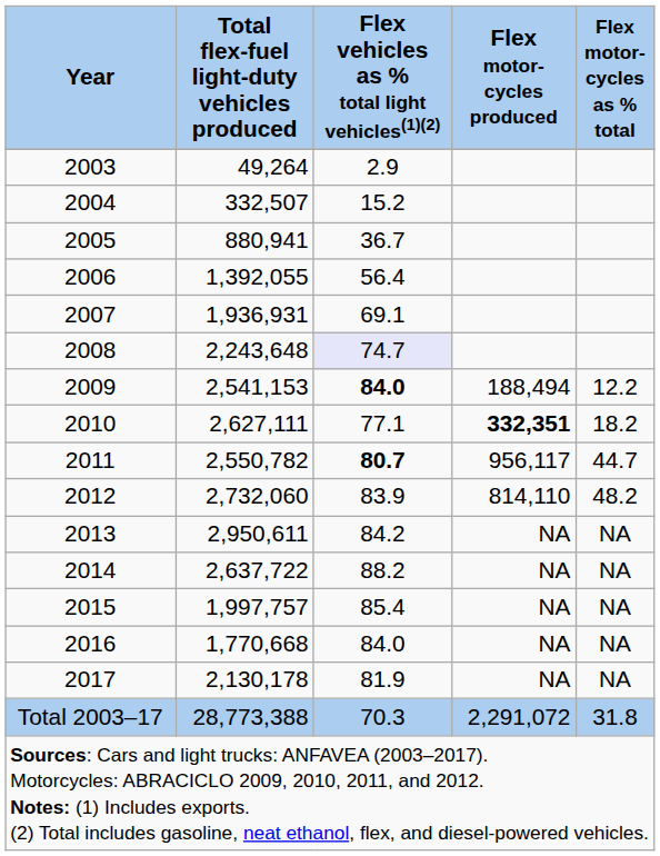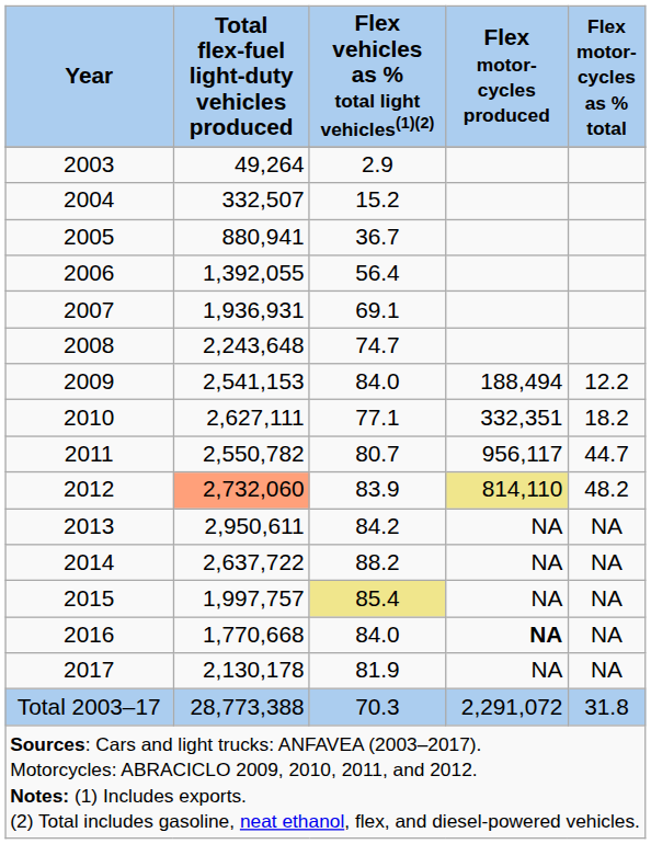 <table class="wikitable" align="right">
 <tr>
 <th style="background: #ABCDEF;">Year</th>
 <th style="background: #ABCDEF;">Total <br>flex-fuel<br>light-duty <br>vehicles<br>produced</th>
 <th style="background: #ABCDEF;">Flex <br>vehicles <br> as %<br><small>total light<br> vehicles<sup>(1)(2)</sup></small></th>
 <th style="background: #ABCDEF;">Flex <br><small>motor-<br>cycles<br> produced</small></th>
 <th style="background: #ABCDEF;"><small>Flex <br>motor-<br>cycles <br> as %<br> total </small></th>
 </tr>
 <tr align="right">
 </tr>
 <tr align="right">
 <td align="center">2003</td>
 <td>49,264</td>
 <td align="center">2.9</td>
 <td></td>
 <td></td>
 </tr>
 <tr align="right">
 <td align="center">2004</td>
 <td>332,507</td>
 <td align="center">15.2</td>
 <td></td>
 <td></td>
 </tr>
 <tr align="right">
 <td align="center">2005</td>
 <td>880,941</td>
 <td align="center">36.7</td>
 <td></td>
 <td></td>
 </tr>
 <tr align="right">
 <td align="center">2006</td>
 <td>1,392,055</td>
 <td align="center">56.4</td>
 <td></td>
 <td></td>
 </tr>
 <tr align="right">
 <td align="center">2007</td>
 <td>1,936,931</td>
 <td align="center">69.1</td>
 <td></td>
 <td></td>
 </tr>
 <tr align="right">
 <td align="center">2008</td>
 <td>2,243,648</td>
-<td align="center" style="background: lavender;">74.7</td>
+<td align="center">74.7</td>
 <td></td>
 <td></td>
 </tr>
 <tr align="right">
 <td align="center">2009</td>
 <td>2,541,153</td>
-<td align="center"><strong>84.0</strong></td>
+<td align="center">84.0</td>
 <td>188,494</td>
 <td align="center">12.2</td>
 </tr>
 <tr align="right">
 <td align="center">2010</td>
 <td>2,627,111</td>
 <td align="center">77.1</td>
-<td><strong>332,351</strong></td>
+<td>332,351</td>
 <td align="center">18.2</td>
 </tr>
 <tr align="right">
 <td align="center">2011</td>
 <td>2,550,782</td>
-<td align="center"><strong>80.7</strong></td>
+<td align="center">80.7</td>
 <td>956,117</td>
 <td align="center">44.7</td>
 </tr>
 <tr align="right">
 <td align="center">2012</td>
-<td>2,732,060</td>
+<td style="background: lightsalmon;">2,732,060</td>
 <td align="center">83.9</td>
-<td>814,110</td>
+<td style="background: khaki;">814,110</td>
 <td align="center">48.2</td>
 </tr>
 <tr align="right">
 <td align="center">2013</td>
 <td>2,950,611</td>
 <td align="center">84.2</td>
 <td>NA</td>
 <td align="center">NA</td>
 </tr>
 <tr align="right">
 <td align="center">2014</td>
 <td>2,637,722</td>
 <td align="center">88.2</td>
 <td>NA</td>
 <td align="center">NA</td>
 </tr>
 <tr align="right">
 <td align="center">2015</td>
 <td>1,997,757</td>
-<td align="center">85.4</td>
+<td align="center" style="background: khaki;">85.4</td>
 <td>NA</td>
 <td align="center">NA</td>
 </tr>
 <tr align="right">
 <td align="center">2016</td>
 <td>1,770,668</td>
 <td align="center">84.0</td>
-<td>NA</td>
+<td><strong>NA</strong></td>
 <td align="center">NA</td>
 </tr>
 <tr align="right">
 <td align="center">2017</td>
 <td>2,130,178</td>
 <td align="center">81.9</td>
 <td>NA</td>
 <td align="center">NA</td>
 </tr>
 <tr align="right">
 <td align="center" style="background: #ABCDEF;">Total 2003–17</td>
 <td style="background: #ABCDEF;">28,773,388</td>
 <td align="center" style="background: #ABCDEF;">70.3</td>
 <td style="background: #ABCDEF;">2,291,072</td>
 <td style="background: #ABCDEF;" align="center">31.8</td>
 </tr>
 <tr>
 <td colspan="5"><small> <strong>Sources</strong>: Cars and light trucks: ANFAVEA (2003–2017). <br> Motorcycles: ABRACICLO 2009, 2010, 2011, and 2012.<br> <strong>Notes:</strong> (1) Includes exports.<br> (2) Total includes gasoline, <a href='#'>neat ethanol</a>, flex, and diesel-powered vehicles.</small></td>
 </tr>
 </table>
